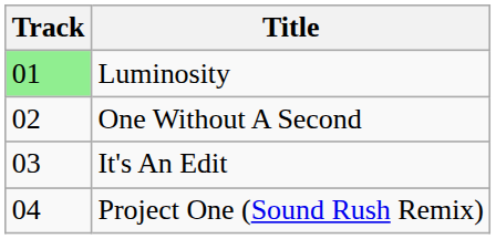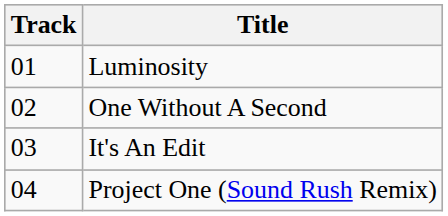 <table class="wikitable">
 <tr>
 <th>Track</th>
 <th>Title</th>
 </tr>
 <tr>
-<td style="background: lightgreen;">01</td>
+<td>01</td>
 <td>Luminosity</td>
 </tr>
 <tr>
 <td>02</td>
 <td>One Without A Second</td>
 </tr>
 <tr>
 <td>03</td>
 <td>It's An Edit</td>
 </tr>
 <tr>
 <td>04</td>
 <td>Project One (<a href='#'>Sound Rush</a> Remix)</td>
 </tr>
 </table>
